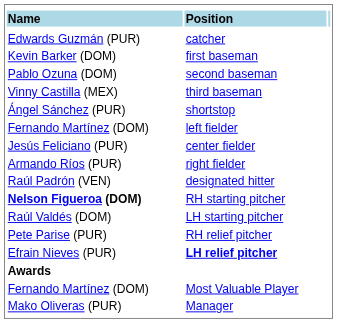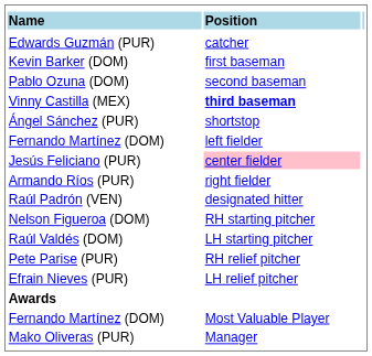 <table cellpadding="1" width="350px" style="font-size: 80%; border: 1px solid gray;">
 <tr align="center" style="font-size: larger;">
 <td colspan=6></td>
 </tr>
 <tr style="background:lightblue;">
 <td><strong>Name</strong></td>
 <td><strong>Position</strong></td>
 <td></td>
 </tr>
 <tr align="center" style="vertical-align: middle;" style="background:lightblue;">
 </tr>
 <tr>
 <td><a href='#'>Edwards Guzmán</a> (PUR)</td>
 <td><a href='#'>catcher</a></td>
 </tr>
 <tr>
 <td><a href='#'>Kevin Barker</a> (DOM)</td>
 <td><a href='#'>first baseman</a></td>
 </tr>
 <tr>
 <td><a href='#'>Pablo Ozuna</a> (DOM)</td>
 <td><a href='#'>second baseman</a></td>
 </tr>
 <tr>
 <td><a href='#'>Vinny Castilla</a> (MEX)</td>
-<td><a href='#'>third baseman</a></td>
+<td><strong><a href='#'>third baseman</a></strong></td>
 </tr>
 <tr>
 <td><a href='#'>Ángel Sánchez</a> (PUR)</td>
 <td><a href='#'>shortstop</a></td>
 </tr>
 <tr>
 <td><a href='#'>Fernando Martínez</a> (DOM)</td>
 <td><a href='#'>left fielder</a></td>
 </tr>
 <tr>
 <td><a href='#'>Jesús Feliciano</a> (PUR)</td>
-<td><a href='#'>center fielder</a></td>
+<td style="background: pink;"><a href='#'>center fielder</a></td>
 </tr>
 <tr>
 <td><a href='#'>Armando Ríos</a> (PUR)</td>
 <td><a href='#'>right fielder</a></td>
 </tr>
 <tr>
 <td><a href='#'>Raúl Padrón</a> (VEN)</td>
 <td><a href='#'>designated hitter</a></td>
 </tr>
 <tr>
-<td><strong><a href='#'>Nelson Figueroa</a> (DOM)</strong></td>
+<td><a href='#'>Nelson Figueroa</a> (DOM)</td>
 <td><a href='#'>RH starting pitcher</a></td>
 </tr>
 <tr>
 <td><a href='#'>Raúl Valdés</a> (DOM)</td>
 <td><a href='#'>LH starting pitcher</a></td>
 </tr>
 <tr>
 <td><a href='#'>Pete Parise</a> (PUR)</td>
 <td><a href='#'>RH relief pitcher</a></td>
 </tr>
 <tr>
 <td><a href='#'>Efrain Nieves</a> (PUR)</td>
-<td><strong><a href='#'>LH relief pitcher</a></strong></td>
+<td><a href='#'>LH relief pitcher</a></td>
 </tr>
 <tr>
 <td><strong>Awards</strong></td>
 </tr>
 <tr>
 <td><a href='#'>Fernando Martínez</a> (DOM)</td>
 <td><a href='#'>Most Valuable Player</a></td>
 </tr>
 <tr>
 <td><a href='#'>Mako Oliveras</a> (PUR)</td>
 <td><a href='#'>Manager</a></td>
 </tr>
 <tr>
 </tr>
 </table>
